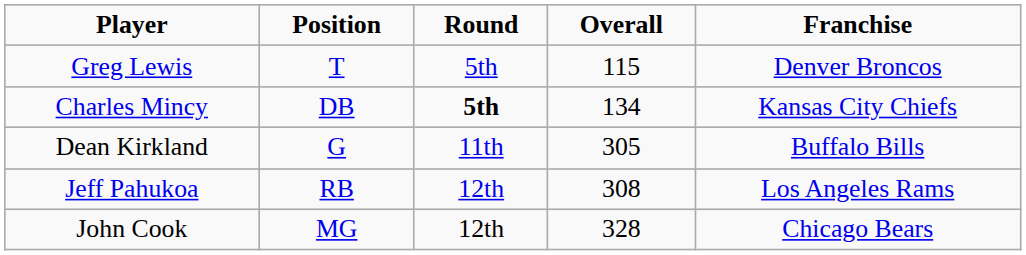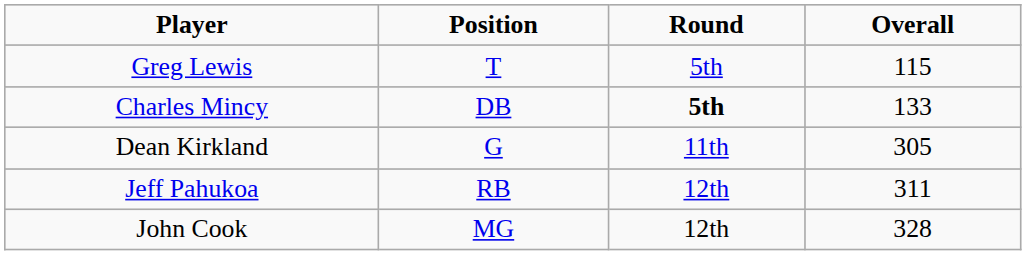 <table class="wikitable" width="50%">
 <tr align="center">
 <td><strong>Player</strong></td>
 <td><strong>Position</strong></td>
 <td><strong>Round</strong></td>
 <td><strong>Overall</strong></td>
-<td><strong>Franchise</strong></td>
 </tr>
 <tr align="center" bgcolor="">
 <td><a href='#'>Greg Lewis</a></td>
 <td><a href='#'>T</a></td>
 <td><a href='#'>5th</a></td>
 <td>115</td>
-<td><a href='#'>Denver Broncos</a></td>
 </tr>
 <tr style="text-align:center;" bgcolor="">
 <td><a href='#'>Charles Mincy</a></td>
 <td><a href='#'>DB</a></td>
 <td><strong>5th</strong></td>
-<td>134</td>
-<td><a href='#'>Kansas City Chiefs</a></td>
+<td>133</td>
 </tr>
 <tr style="text-align:center;" bgcolor="">
 <td>Dean Kirkland</td>
 <td><a href='#'>G</a></td>
 <td><a href='#'>11th</a></td>
 <td>305</td>
-<td><a href='#'>Buffalo Bills</a></td>
 </tr>
 <tr style="text-align:center;" bgcolor="">
 <td><a href='#'>Jeff Pahukoa</a></td>
 <td><a href='#'>RB</a></td>
 <td><a href='#'>12th</a></td>
-<td>308</td>
-<td><a href='#'>Los Angeles Rams</a></td>
+<td>311</td>
 </tr>
 <tr style="text-align:center;" bgcolor="">
 <td>John Cook</td>
 <td><a href='#'>MG</a></td>
 <td>12th</td>
 <td>328</td>
-<td><a href='#'>Chicago Bears</a></td>
 </tr>
 </table>
